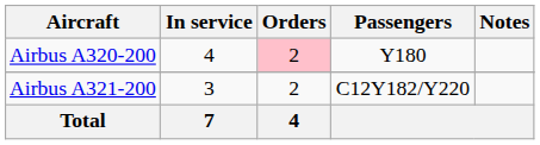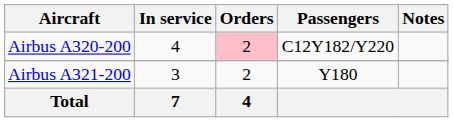 <table class="wikitable" style="margin:0.5em auto; text-align:center">
 <tr>
 <th>Aircraft</th>
 <th>In service</th>
 <th>Orders</th>
 <th>Passengers</th>
 <th>Notes</th>
 </tr>
 <tr>
 <td><a href='#'>Airbus A320-200</a></td>
 <td>4 </td>
 <td style="background: pink;">2</td>
-<td>Y180</td>
+<td>C12Y182/Y220</td>
 <td></td>
 </tr>
 <tr>
 </tr>
 <tr>
 <td><a href='#'>Airbus A321-200</a></td>
 <td>3</td>
 <td>2</td>
-<td>C12Y182/Y220</td>
+<td>Y180</td>
 <td></td>
 </tr>
 <tr>
 <th>Total</th>
 <th>7</th>
 <th>4</th>
 <th colspan="4"></th>
 </tr>
 </table>
